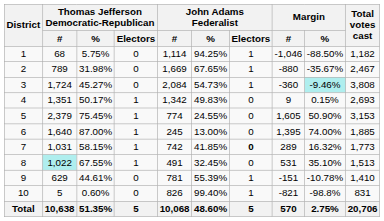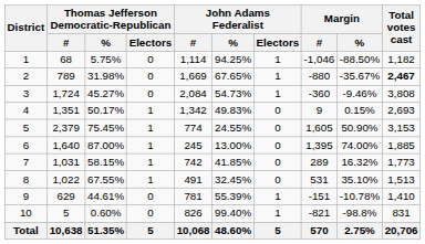 <table class="wikitable sortable">
 <tr>
 <th rowspan="2">District</th>
 <th colspan="3">Thomas Jefferson<br>Democratic-Republican</th>
 <th colspan="3">John Adams<br>Federalist</th>
 <th colspan="2">Margin</th>
 <th rowspan="2">Total<br>votes<br>cast</th>
 </tr>
 <tr style="text-align:center;">
 <th>#</th>
 <th>%</th>
 <th>Electors</th>
 <th>#</th>
 <th>%</th>
 <th>Electors</th>
 <th>#</th>
 <th>%</th>
 </tr>
 <tr style="text-align:center;">
 <td>1</td>
 <td>68</td>
 <td>5.75%</td>
 <td>0</td>
 <td>1,114</td>
 <td>94.25%</td>
 <td>1</td>
 <td>-1,046</td>
 <td>-88.50%</td>
 <td>1,182</td>
 </tr>
 <tr style="text-align:center;">
 <td>2</td>
 <td>789</td>
 <td>31.98%</td>
 <td>0</td>
 <td>1,669</td>
 <td>67.65%</td>
 <td>1</td>
 <td>-880</td>
 <td>-35.67%</td>
-<td>2,467</td>
+<td><strong>2,467</strong></td>
 </tr>
 <tr style="text-align:center;">
 <td>3</td>
 <td>1,724</td>
 <td>45.27%</td>
 <td>0</td>
 <td>2,084</td>
 <td>54.73%</td>
 <td>1</td>
 <td>-360</td>
-<td style="background: paleturquoise;">-9.46%</td>
+<td>-9.46%</td>
 <td>3,808</td>
 </tr>
 <tr style="text-align:center;">
 <td>4</td>
 <td>1,351</td>
 <td>50.17%</td>
 <td>1</td>
 <td>1,342</td>
 <td>49.83%</td>
 <td>0</td>
 <td>9</td>
 <td>0.15%</td>
 <td>2,693</td>
 </tr>
 <tr style="text-align:center;">
 <td>5</td>
 <td>2,379</td>
 <td>75.45%</td>
 <td>1</td>
 <td>774</td>
 <td>24.55%</td>
 <td>0</td>
 <td>1,605</td>
 <td>50.90%</td>
 <td>3,153</td>
 </tr>
 <tr style="text-align:center;">
 <td>6</td>
 <td>1,640</td>
 <td>87.00%</td>
 <td>1</td>
 <td>245</td>
 <td>13.00%</td>
 <td>0</td>
 <td>1,395</td>
 <td>74.00%</td>
 <td>1,885</td>
 </tr>
 <tr style="text-align:center;">
 <td>7</td>
 <td>1,031</td>
 <td>58.15%</td>
 <td>1</td>
 <td>742</td>
 <td>41.85%</td>
-<td><strong>0</strong></td>
+<td>0</td>
 <td>289</td>
 <td>16.32%</td>
 <td>1,773</td>
 </tr>
 <tr style="text-align:center;">
 <td>8</td>
-<td style="background: paleturquoise;">1,022</td>
+<td>1,022</td>
 <td>67.55%</td>
 <td>1</td>
 <td>491</td>
 <td>32.45%</td>
 <td>0</td>
 <td>531</td>
 <td>35.10%</td>
 <td>1,513</td>
 </tr>
 <tr style="text-align:center;">
 <td>9</td>
 <td>629</td>
 <td>44.61%</td>
 <td>0</td>
 <td>781</td>
 <td>55.39%</td>
 <td>1</td>
 <td>-151</td>
 <td>-10.78%</td>
 <td>1,410</td>
 </tr>
 <tr style="text-align:center;">
 <td>10</td>
 <td>5</td>
 <td>0.60%</td>
 <td>0</td>
 <td>826</td>
 <td>99.40%</td>
 <td>1</td>
 <td>-821</td>
 <td>-98.8%</td>
 <td>831</td>
 </tr>
 <tr style="text-align:center;">
 <th>Total</th>
 <th>10,638</th>
 <th>51.35%</th>
 <th>5</th>
 <th>10,068</th>
 <th>48.60%</th>
 <th>5</th>
 <th>570</th>
 <th>2.75%</th>
 <th>20,706</th>
 </tr>
 </table>
